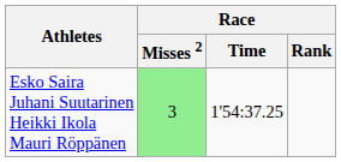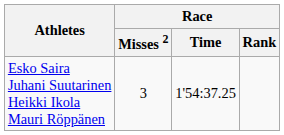 <table class="wikitable" border="1" style="font-size:90%">
 <tr>
 <th rowspan=2>Athletes</th>
 <th colspan=3>Race</th>
 </tr>
 <tr>
 <th>Misses <sup>2</sup></th>
 <th>Time</th>
 <th>Rank</th>
 </tr>
 <tr>
 <td><a href='#'>Esko Saira</a><br><a href='#'>Juhani Suutarinen</a><br><a href='#'>Heikki Ikola</a><br><a href='#'>Mauri Röppänen</a></td>
-<td align=center style="background: lightgreen;">3</td>
+<td align=center>3</td>
 <td align=center>1'54:37.25</td>
 <td align=center></td>
 </tr>
 </table>
